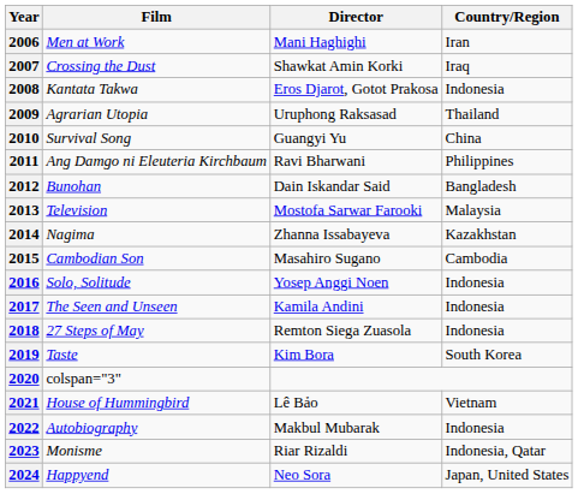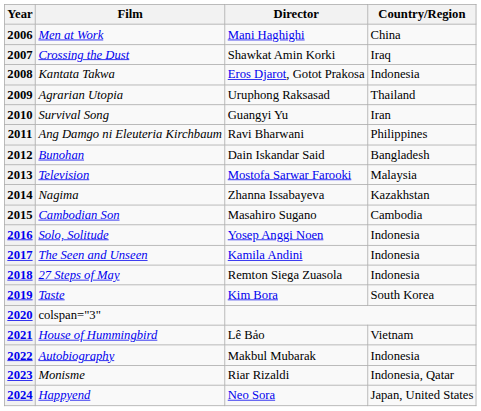 <table class="wikitable plainrowheaders">
 <tr>
 <th>Year</th>
 <th>Film</th>
 <th>Director</th>
 <th>Country/Region</th>
 </tr>
 <tr>
 <th scope="row">2006</th>
 <td><em><a href='#'>Men at Work</a></em></td>
 <td><a href='#'>Mani Haghighi</a></td>
-<td>Iran</td>
+<td>China</td>
 </tr>
 <tr>
 <th scope="row">2007</th>
 <td><em><a href='#'>Crossing the Dust</a></em></td>
 <td>Shawkat Amin Korki</td>
 <td>Iraq</td>
 </tr>
 <tr>
 <th scope="row">2008</th>
 <td><em>Kantata Takwa</em></td>
 <td><a href='#'>Eros Djarot</a>, Gotot Prakosa</td>
 <td>Indonesia</td>
 </tr>
 <tr>
 <th scope="row">2009</th>
 <td><em>Agrarian Utopia</em></td>
 <td>Uruphong Raksasad</td>
 <td>Thailand</td>
 </tr>
 <tr>
 <th scope="row">2010</th>
 <td><em>Survival Song</em></td>
 <td>Guangyi Yu</td>
-<td>China</td>
+<td>Iran</td>
 </tr>
 <tr>
 <th scope="row">2011</th>
 <td><em>Ang Damgo ni Eleuteria Kirchbaum</em></td>
 <td>Ravi Bharwani</td>
 <td>Philippines</td>
 </tr>
 <tr>
 <th scope="row">2012</th>
 <td><em><a href='#'>Bunohan</a></em></td>
 <td>Dain Iskandar Said</td>
 <td>Bangladesh</td>
 </tr>
 <tr>
 <th scope="row">2013</th>
 <td><em><a href='#'>Television</a></em></td>
 <td><a href='#'>Mostofa Sarwar Farooki</a></td>
 <td>Malaysia</td>
 </tr>
 <tr>
 <th scope="row">2014</th>
 <td><em>Nagima</em></td>
 <td>Zhanna Issabayeva</td>
 <td>Kazakhstan</td>
 </tr>
 <tr>
 <th scope="row">2015</th>
 <td><em><a href='#'>Cambodian Son</a></em></td>
 <td>Masahiro Sugano</td>
 <td>Cambodia</td>
 </tr>
 <tr>
 <th scope="row"><a href='#'>2016</a></th>
 <td><em><a href='#'>Solo, Solitude</a></em></td>
 <td><a href='#'>Yosep Anggi Noen</a></td>
 <td>Indonesia</td>
 </tr>
 <tr>
 <th scope="row"><a href='#'>2017</a></th>
 <td><em><a href='#'>The Seen and Unseen</a></em></td>
 <td><a href='#'>Kamila Andini</a></td>
 <td>Indonesia</td>
 </tr>
 <tr>
 <th scope="row"><a href='#'>2018</a></th>
 <td><em><a href='#'>27 Steps of May</a></em></td>
 <td>Remton Siega Zuasola</td>
 <td>Indonesia</td>
 </tr>
 <tr>
 <th scope="row"><a href='#'>2019</a></th>
 <td><em><a href='#'>Taste</a></em></td>
 <td><a href='#'>Kim Bora</a></td>
 <td>South Korea</td>
 </tr>
 <tr>
 <th scope="row"><a href='#'>2020</a></th>
 <td>colspan="3" </td>
 </tr>
 <tr>
 <th scope="row"><a href='#'>2021</a></th>
 <td><em><a href='#'>House of Hummingbird</a></em></td>
 <td>Lê Bảo</td>
 <td>Vietnam</td>
 </tr>
 <tr>
 <th scope="row"><a href='#'>2022</a></th>
 <td><em><a href='#'>Autobiography</a></em></td>
 <td>Makbul Mubarak</td>
 <td>Indonesia</td>
 </tr>
 <tr>
 <th scope="row"><a href='#'>2023</a></th>
 <td><em>Monisme</em></td>
 <td>Riar Rizaldi</td>
 <td>Indonesia, Qatar</td>
 </tr>
 <tr>
 <th scope="row"><a href='#'>2024</a></th>
 <td><em><a href='#'>Happyend</a></em></td>
 <td><a href='#'>Neo Sora</a></td>
 <td>Japan, United States</td>
 </tr>
 </table>
